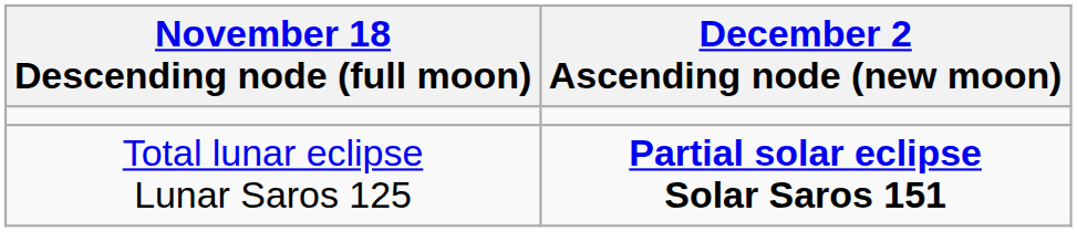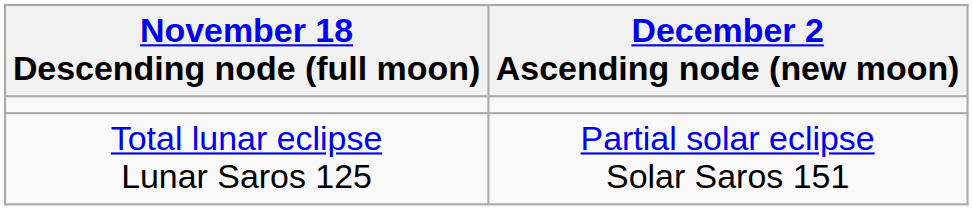 <table class="wikitable">
 <tr>
 <th><a href='#'>November 18</a><br>Descending node (full moon)</th>
 <th><a href='#'>December 2</a><br>Ascending node (new moon)<br></th>
 </tr>
 <tr>
 <td></td>
 <td></td>
 </tr>
 <tr align=center>
 <td><a href='#'>Total lunar eclipse</a><br>Lunar Saros 125</td>
-<td><strong><a href='#'>Partial solar eclipse</a><br>Solar Saros 151</strong></td>
+<td><a href='#'>Partial solar eclipse</a><br>Solar Saros 151</td>
 </tr>
 </table>
